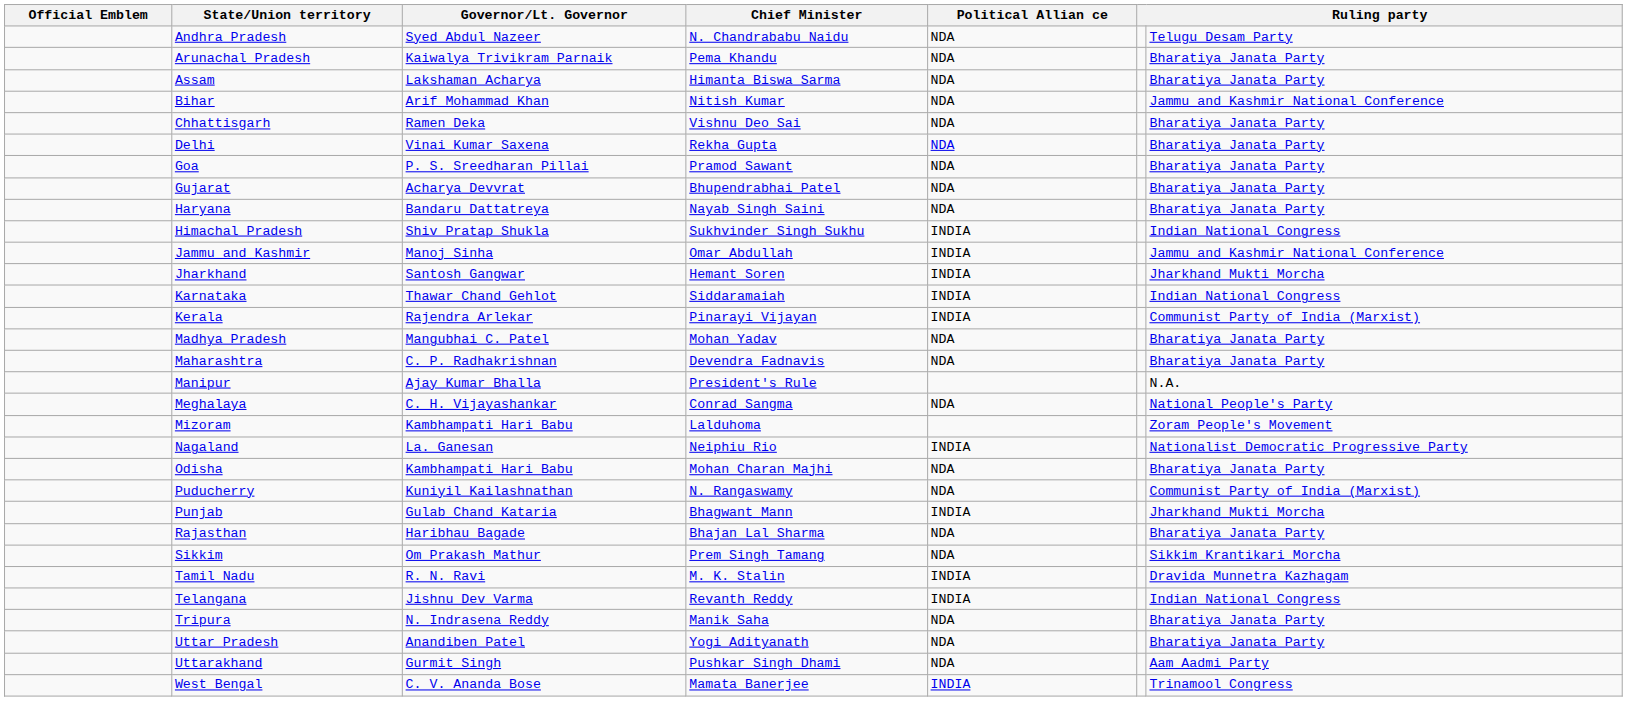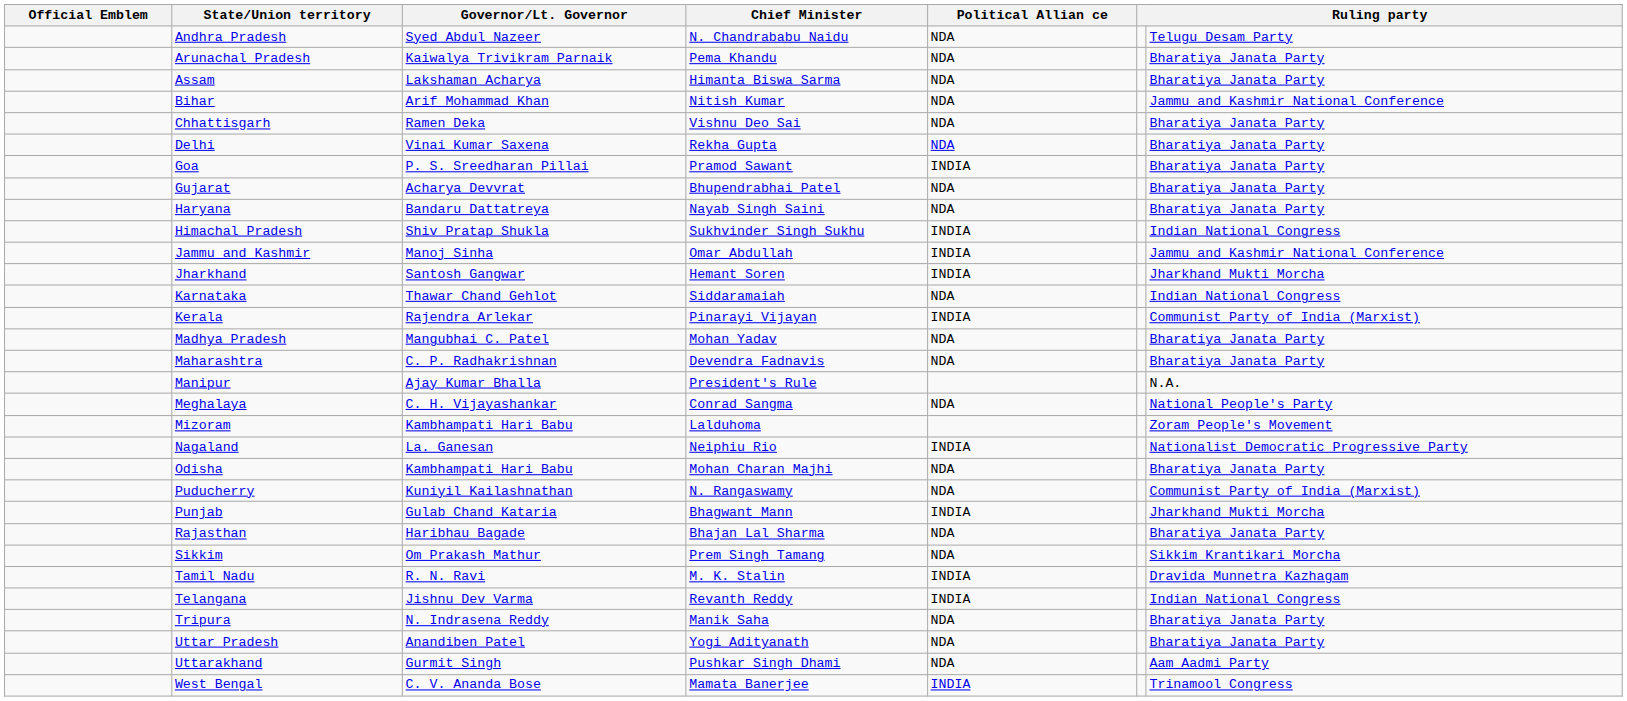 <table class="wikitable sortable" width="80%">
 <tr>
 <th>Official Emblem</th>
 <th>State/Union territory</th>
 <th>Governor/Lt. Governor</th>
 <th>Chief Minister</th>
 <th>Political Allian ce</th>
 <th colspan="2" width="30%">Ruling party</th>
 </tr>
 <tr>
 <td></td>
 <td><a href='#'>Andhra Pradesh</a></td>
 <td><a href='#'>Syed Abdul Nazeer</a></td>
 <td><a href='#'>N. Chandrababu Naidu</a></td>
 <td>NDA</td>
 <td></td>
 <td><a href='#'>Telugu Desam Party</a></td>
 </tr>
 <tr>
 <td></td>
 <td><a href='#'>Arunachal Pradesh</a></td>
 <td><a href='#'>Kaiwalya Trivikram Parnaik</a></td>
 <td><a href='#'>Pema Khandu</a></td>
 <td>NDA</td>
 <td></td>
 <td><a href='#'>Bharatiya Janata Party</a></td>
 </tr>
 <tr>
 <td></td>
 <td><a href='#'>Assam</a></td>
 <td><a href='#'>Lakshaman Acharya</a></td>
 <td><a href='#'>Himanta Biswa Sarma</a></td>
 <td>NDA</td>
 <td></td>
 <td><a href='#'>Bharatiya Janata Party</a></td>
 </tr>
 <tr>
 <td></td>
 <td><a href='#'>Bihar</a></td>
 <td><a href='#'>Arif Mohammad Khan</a></td>
 <td><a href='#'>Nitish Kumar</a></td>
 <td>NDA</td>
 <td></td>
 <td><a href='#'>Jammu and Kashmir National Conference</a></td>
 </tr>
 <tr>
 <td></td>
 <td><a href='#'>Chhattisgarh</a></td>
 <td><a href='#'>Ramen Deka</a></td>
 <td><a href='#'>Vishnu Deo Sai</a></td>
 <td>NDA</td>
 <td></td>
 <td><a href='#'>Bharatiya Janata Party</a></td>
 </tr>
 <tr>
 <td></td>
 <td><a href='#'>Delhi</a></td>
 <td><a href='#'>Vinai Kumar Saxena</a></td>
 <td><a href='#'>Rekha Gupta</a></td>
 <td><a href='#'>NDA</a></td>
 <td></td>
 <td><a href='#'>Bharatiya Janata Party</a></td>
 </tr>
 <tr>
 <td></td>
 <td><a href='#'>Goa</a></td>
 <td><a href='#'>P. S. Sreedharan Pillai</a></td>
 <td><a href='#'>Pramod Sawant</a></td>
-<td>NDA</td>
+<td>INDIA</td>
 <td></td>
 <td><a href='#'>Bharatiya Janata Party</a></td>
 </tr>
 <tr>
 <td></td>
 <td><a href='#'>Gujarat</a></td>
 <td><a href='#'>Acharya Devvrat</a></td>
 <td><a href='#'>Bhupendrabhai Patel</a></td>
 <td>NDA</td>
 <td></td>
 <td><a href='#'>Bharatiya Janata Party</a></td>
 </tr>
 <tr>
 <td></td>
 <td><a href='#'>Haryana</a></td>
 <td><a href='#'>Bandaru Dattatreya</a></td>
 <td><a href='#'>Nayab Singh Saini</a></td>
 <td>NDA</td>
 <td></td>
 <td><a href='#'>Bharatiya Janata Party</a></td>
 </tr>
 <tr>
 <td></td>
 <td><a href='#'>Himachal Pradesh</a></td>
 <td><a href='#'>Shiv Pratap Shukla</a></td>
 <td><a href='#'>Sukhvinder Singh Sukhu</a></td>
 <td>INDIA</td>
 <td></td>
 <td><a href='#'>Indian National Congress</a></td>
 </tr>
 <tr>
 <td></td>
 <td><a href='#'>Jammu and Kashmir</a></td>
 <td><a href='#'>Manoj Sinha</a></td>
 <td><a href='#'>Omar Abdullah</a></td>
 <td>INDIA</td>
 <td></td>
 <td><a href='#'>Jammu and Kashmir National Conference</a></td>
 </tr>
 <tr>
 <td></td>
 <td><a href='#'>Jharkhand</a></td>
 <td><a href='#'>Santosh Gangwar</a></td>
 <td><a href='#'>Hemant Soren</a></td>
 <td>INDIA</td>
 <td></td>
 <td><a href='#'>Jharkhand Mukti Morcha</a></td>
 </tr>
 <tr>
 <td></td>
 <td><a href='#'>Karnataka</a></td>
 <td><a href='#'>Thawar Chand Gehlot</a></td>
 <td><a href='#'>Siddaramaiah</a></td>
-<td>INDIA</td>
+<td>NDA</td>
 <td></td>
 <td><a href='#'>Indian National Congress</a></td>
 </tr>
 <tr>
 <td></td>
 <td><a href='#'>Kerala</a></td>
 <td><a href='#'>Rajendra Arlekar</a></td>
 <td><a href='#'>Pinarayi Vijayan</a></td>
 <td>INDIA</td>
 <td></td>
 <td><a href='#'>Communist Party of India (Marxist)</a></td>
 </tr>
 <tr>
 <td></td>
 <td><a href='#'>Madhya Pradesh</a></td>
 <td><a href='#'>Mangubhai C. Patel</a></td>
 <td><a href='#'>Mohan Yadav</a></td>
 <td>NDA</td>
 <td></td>
 <td><a href='#'>Bharatiya Janata Party</a></td>
 </tr>
 <tr>
 <td></td>
 <td><a href='#'>Maharashtra</a></td>
 <td><a href='#'>C. P. Radhakrishnan</a></td>
 <td><a href='#'>Devendra Fadnavis</a></td>
 <td>NDA</td>
 <td></td>
 <td><a href='#'>Bharatiya Janata Party</a></td>
 </tr>
 <tr>
 <td></td>
 <td><a href='#'>Manipur</a></td>
 <td><a href='#'>Ajay Kumar Bhalla</a></td>
 <td><a href='#'>President's Rule</a></td>
 <td></td>
 <td></td>
 <td>N.A.</td>
 </tr>
 <tr>
 <td></td>
 <td><a href='#'>Meghalaya</a></td>
 <td><a href='#'>C. H. Vijayashankar</a></td>
 <td><a href='#'>Conrad Sangma</a></td>
 <td>NDA</td>
 <td></td>
 <td><a href='#'>National People's Party</a></td>
 </tr>
 <tr>
 <td></td>
 <td><a href='#'>Mizoram</a></td>
 <td><a href='#'>Kambhampati Hari Babu</a></td>
 <td><a href='#'>Lalduhoma</a></td>
 <td></td>
 <td></td>
 <td><a href='#'>Zoram People's Movement</a></td>
 </tr>
 <tr>
 <td></td>
 <td><a href='#'>Nagaland</a></td>
 <td><a href='#'>La. Ganesan</a></td>
 <td><a href='#'>Neiphiu Rio</a></td>
 <td>INDIA</td>
 <td></td>
 <td><a href='#'>Nationalist Democratic Progressive Party</a></td>
 </tr>
 <tr>
 <td></td>
 <td><a href='#'>Odisha</a></td>
 <td><a href='#'>Kambhampati Hari Babu</a></td>
 <td><a href='#'>Mohan Charan Majhi</a></td>
 <td>NDA</td>
 <td></td>
 <td><a href='#'>Bharatiya Janata Party</a></td>
 </tr>
 <tr>
 <td></td>
 <td><a href='#'>Puducherry</a></td>
 <td><a href='#'>Kuniyil Kailashnathan</a></td>
 <td><a href='#'>N. Rangaswamy</a></td>
 <td>NDA</td>
 <td></td>
 <td><a href='#'>Communist Party of India (Marxist)</a></td>
 </tr>
 <tr>
 <td></td>
 <td><a href='#'>Punjab</a></td>
 <td><a href='#'>Gulab Chand Kataria</a></td>
 <td><a href='#'>Bhagwant Mann</a></td>
 <td>INDIA</td>
 <td></td>
 <td><a href='#'>Jharkhand Mukti Morcha</a></td>
 </tr>
 <tr>
 <td></td>
 <td><a href='#'>Rajasthan</a></td>
 <td><a href='#'>Haribhau Bagade</a></td>
 <td><a href='#'>Bhajan Lal Sharma</a></td>
 <td>NDA</td>
 <td></td>
 <td><a href='#'>Bharatiya Janata Party</a></td>
 </tr>
 <tr>
 <td></td>
 <td><a href='#'>Sikkim</a></td>
 <td><a href='#'>Om Prakash Mathur</a></td>
 <td><a href='#'>Prem Singh Tamang</a></td>
 <td>NDA</td>
 <td></td>
 <td><a href='#'>Sikkim Krantikari Morcha</a></td>
 </tr>
 <tr>
 <td></td>
 <td><a href='#'>Tamil Nadu</a></td>
 <td><a href='#'>R. N. Ravi</a></td>
 <td><a href='#'>M. K. Stalin</a></td>
 <td>INDIA</td>
 <td></td>
 <td><a href='#'>Dravida Munnetra Kazhagam</a></td>
 </tr>
 <tr>
 <td></td>
 <td><a href='#'>Telangana</a></td>
 <td><a href='#'>Jishnu Dev Varma</a></td>
 <td><a href='#'>Revanth Reddy</a></td>
 <td>INDIA</td>
 <td></td>
 <td><a href='#'>Indian National Congress</a></td>
 </tr>
 <tr>
 <td></td>
 <td><a href='#'>Tripura</a></td>
 <td><a href='#'>N. Indrasena Reddy</a></td>
 <td><a href='#'>Manik Saha</a></td>
 <td>NDA</td>
 <td></td>
 <td><a href='#'>Bharatiya Janata Party</a></td>
 </tr>
 <tr>
 <td></td>
 <td><a href='#'>Uttar Pradesh</a></td>
 <td><a href='#'>Anandiben Patel</a></td>
 <td><a href='#'>Yogi Adityanath</a></td>
 <td>NDA</td>
 <td></td>
 <td><a href='#'>Bharatiya Janata Party</a></td>
 </tr>
 <tr>
 <td></td>
 <td><a href='#'>Uttarakhand</a></td>
 <td><a href='#'>Gurmit Singh</a></td>
 <td><a href='#'>Pushkar Singh Dhami</a></td>
 <td>NDA</td>
 <td></td>
 <td><a href='#'>Aam Aadmi Party</a></td>
 </tr>
 <tr>
 <td></td>
 <td><a href='#'>West Bengal</a></td>
 <td><a href='#'>C. V. Ananda Bose</a></td>
 <td><a href='#'>Mamata Banerjee</a></td>
 <td><a href='#'>INDIA</a></td>
 <td></td>
 <td><a href='#'>Trinamool Congress</a></td>
 </tr>
 </table>
